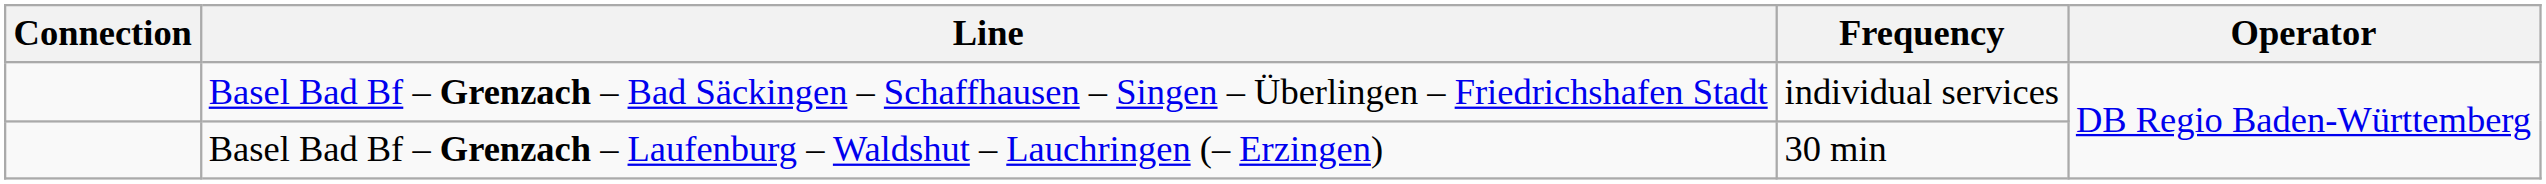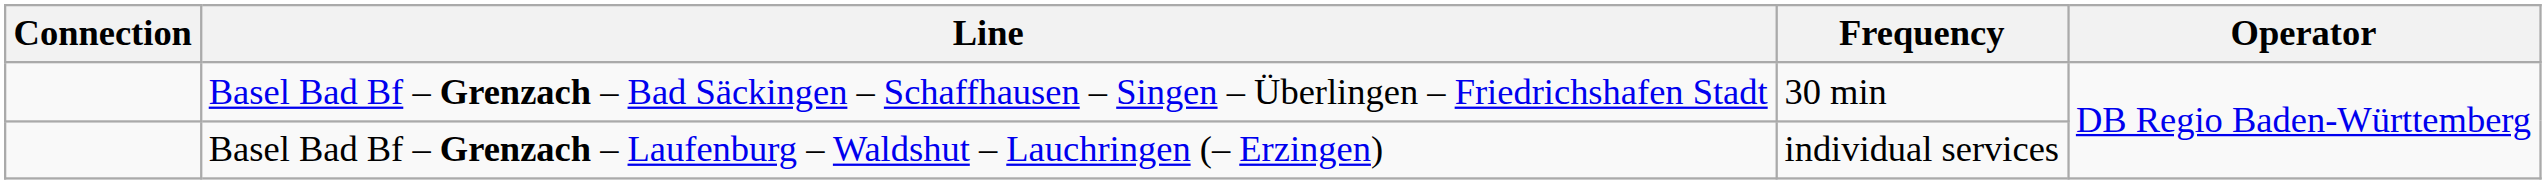 <table class="wikitable">
 <tr>
 <th>Connection</th>
 <th>Line</th>
 <th>Frequency</th>
 <th>Operator</th>
 </tr>
 <tr>
 <td align="center"></td>
 <td><a href='#'>Basel Bad Bf</a> – <strong>Grenzach</strong> – <a href='#'>Bad Säckingen</a> – <a href='#'>Schaffhausen</a> – <a href='#'>Singen</a> – Überlingen – <a href='#'>Friedrichshafen Stadt</a></td>
-<td>individual services</td>
+<td>30 min</td>
 <td rowspan="2"><a href='#'>DB Regio Baden-Württemberg</a></td>
 </tr>
 <tr>
 <td align="center"></td>
 <td>Basel Bad Bf – <strong>Grenzach</strong> – <a href='#'>Laufenburg</a> – <a href='#'>Waldshut</a> – <a href='#'>Lauchringen</a> (– <a href='#'>Erzingen</a>)</td>
-<td>30 min</td>
+<td>individual services</td>
 </tr>
 </table>
